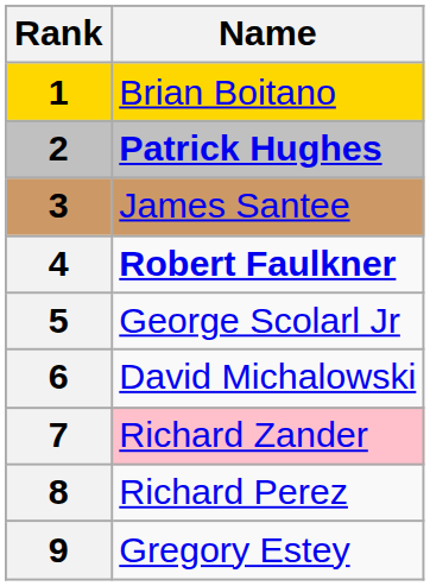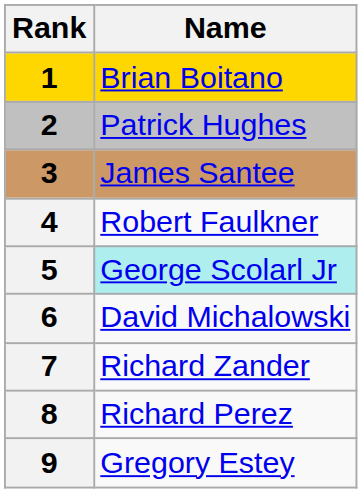 <table class="wikitable">
 <tr>
 <th>Rank</th>
 <th>Name</th>
 </tr>
 <tr bgcolor="gold">
 <td align="center"><strong>1</strong></td>
 <td><a href='#'>Brian Boitano</a></td>
 </tr>
 <tr bgcolor="silver">
 <td align="center"><strong>2</strong></td>
-<td><strong><a href='#'>Patrick Hughes</a></strong></td>
+<td><a href='#'>Patrick Hughes</a></td>
 </tr>
 <tr bgcolor="cc9966">
 <td align="center"><strong>3</strong></td>
 <td><a href='#'>James Santee</a></td>
 </tr>
 <tr>
 <th>4</th>
-<td><strong><a href='#'>Robert Faulkner</a></strong></td>
+<td><a href='#'>Robert Faulkner</a></td>
 </tr>
 <tr>
 <th>5</th>
-<td><a href='#'>George Scolarl Jr</a></td>
+<td style="background: paleturquoise;"><a href='#'>George Scolarl Jr</a></td>
 </tr>
 <tr>
 <th>6</th>
 <td><a href='#'>David Michalowski</a></td>
 </tr>
 <tr>
 <th>7</th>
-<td style="background: pink;"><a href='#'>Richard Zander</a></td>
+<td><a href='#'>Richard Zander</a></td>
 </tr>
 <tr>
 <th>8</th>
 <td><a href='#'>Richard Perez</a></td>
 </tr>
 <tr>
 <th>9</th>
 <td><a href='#'>Gregory Estey</a></td>
 </tr>
 </table>
